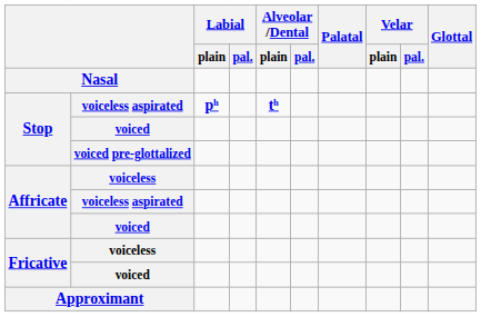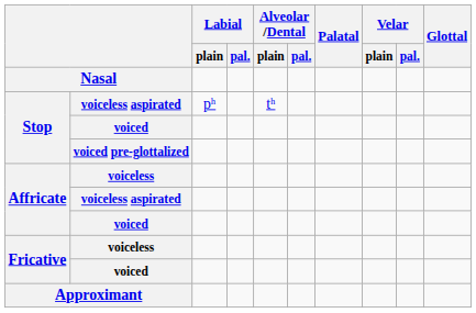 <table class="wikitable" style="text-align: center;">
 <tr style="font-size: 90%;">
 <th colspan="2" rowspan="2"></th>
 <th colspan="2"><a href='#'>Labial</a></th>
 <th colspan="2"><a href='#'>Alveolar</a><br>/<a href='#'>Dental</a></th>
 <th rowspan="2"><a href='#'>Palatal</a></th>
 <th colspan="2"><a href='#'>Velar</a></th>
 <th rowspan="2"><a href='#'>Glottal</a></th>
 </tr>
 <tr>
 <th><small>plain</small></th>
 <th><small><a href='#'>pal.</a></small></th>
 <th><small>plain</small></th>
 <th><small><a href='#'>pal.</a></small></th>
 <th><small>plain</small></th>
 <th><small><a href='#'>pal.</a></small></th>
 </tr>
 <tr>
 <th colspan="2"><a href='#'>Nasal</a></th>
 <td><br></td>
 <td><br></td>
 <td><br></td>
 <td><br></td>
 <td></td>
 <td><br></td>
 <td></td>
 <td></td>
 </tr>
 <tr>
 <th rowspan="3"><a href='#'>Stop</a></th>
 <th><small><a href='#'>voiceless</a> <a href='#'>aspirated</a></small></th>
-<td><strong><a href='#'>pʰ</a><br></strong></td>
+<td><a href='#'>pʰ</a><br></td>
 <td><br></td>
-<td><strong><a href='#'>tʰ</a><br></strong></td>
+<td><a href='#'>tʰ</a><br></td>
 <td><br></td>
 <td></td>
 <td><br></td>
 <td></td>
 <td></td>
 </tr>
 <tr>
 <th><small><a href='#'>voiced</a></small></th>
 <td><br></td>
 <td><br></td>
 <td><br></td>
 <td><br></td>
 <td></td>
 <td><br></td>
 <td></td>
 <td><br></td>
 </tr>
 <tr>
 <th><small><a href='#'>voiced</a> <a href='#'>pre-glottalized</a></small></th>
 <td><br></td>
 <td><br></td>
 <td><br></td>
 <td><br></td>
 <td><br></td>
 <td></td>
 <td></td>
 <td></td>
 </tr>
 <tr>
 <th rowspan="3"><a href='#'>Affricate</a></th>
 <th><small><a href='#'>voiceless</a></small></th>
 <td></td>
 <td></td>
 <td><br></td>
 <td><br></td>
 <td></td>
 <td></td>
 <td></td>
 <td></td>
 </tr>
 <tr>
 <th><small><a href='#'>voiceless</a> <a href='#'>aspirated</a></small></th>
 <td><br></td>
 <td></td>
 <td><br></td>
 <td><br></td>
 <td></td>
 <td></td>
 <td></td>
 <td></td>
 </tr>
 <tr>
 <th><small><a href='#'>voiced</a></small></th>
 <td><br></td>
 <td></td>
 <td><br></td>
 <td><br></td>
 <td></td>
 <td></td>
 <td></td>
 <td></td>
 </tr>
 <tr>
 <th rowspan="2"><a href='#'>Fricative</a></th>
 <th><small>voiceless</small></th>
 <td><br></td>
 <td></td>
 <td><br></td>
 <td><br></td>
 <td></td>
 <td></td>
 <td></td>
 <td><br></td>
 </tr>
 <tr>
 <th><small>voiced</small></th>
 <td><br></td>
 <td><br></td>
 <td><br></td>
 <td><br></td>
 <td></td>
 <td></td>
 <td></td>
 <td><br></td>
 </tr>
 <tr>
 <th colspan="2"><a href='#'>Approximant</a></th>
 <td><br></td>
 <td></td>
 <td><br></td>
 <td><br></td>
 <td><br></td>
 <td></td>
 <td></td>
 <td></td>
 </tr>
 </table>
